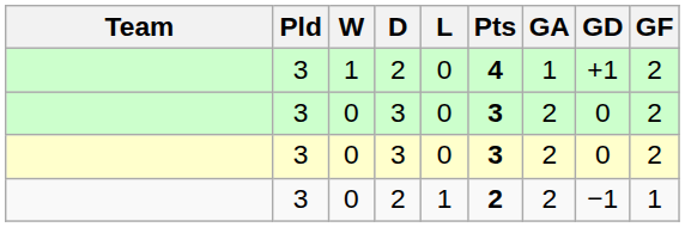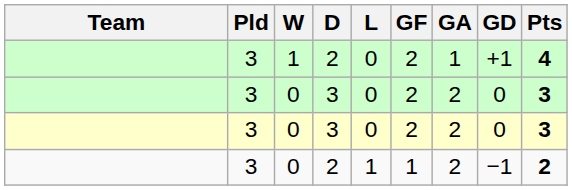 <table class="wikitable" style="text-align:center">
 <tr>
 <th width=150>Team</th>
 <th width=20>Pld</th>
 <th width=20>W</th>
 <th width=20>D</th>
 <th width=20>L</th>
-<th width=20>Pts</th>
+<th width=20>GF</th>
 <th width=20>GA</th>
 <th width=20>GD</th>
-<th width=20>GF</th>
+<th width=20>Pts</th>
 </tr>
 <tr bgcolor="#ccffcc">
 <td align="left"></td>
 <td>3</td>
 <td>1</td>
 <td>2</td>
 <td>0</td>
-<td><strong>4</strong></td>
+<td>2</td>
 <td>1</td>
 <td>+1</td>
-<td>2</td>
+<td><strong>4</strong></td>
 </tr>
 <tr bgcolor="#ccffcc">
 <td align="left"></td>
 <td>3</td>
 <td>0</td>
 <td>3</td>
 <td>0</td>
-<td><strong>3</strong></td>
+<td>2</td>
 <td>2</td>
 <td>0</td>
-<td>2</td>
+<td><strong>3</strong></td>
 </tr>
 <tr bgcolor="#ffffcc">
 <td align="left"></td>
 <td>3</td>
 <td>0</td>
 <td>3</td>
 <td>0</td>
-<td><strong>3</strong></td>
+<td>2</td>
 <td>2</td>
 <td>0</td>
-<td>2</td>
+<td><strong>3</strong></td>
 </tr>
 <tr>
 <td align="left"></td>
 <td>3</td>
 <td>0</td>
 <td>2</td>
 <td>1</td>
-<td><strong>2</strong></td>
+<td>1</td>
 <td>2</td>
 <td>−1</td>
-<td>1</td>
+<td><strong>2</strong></td>
 </tr>
 </table>
